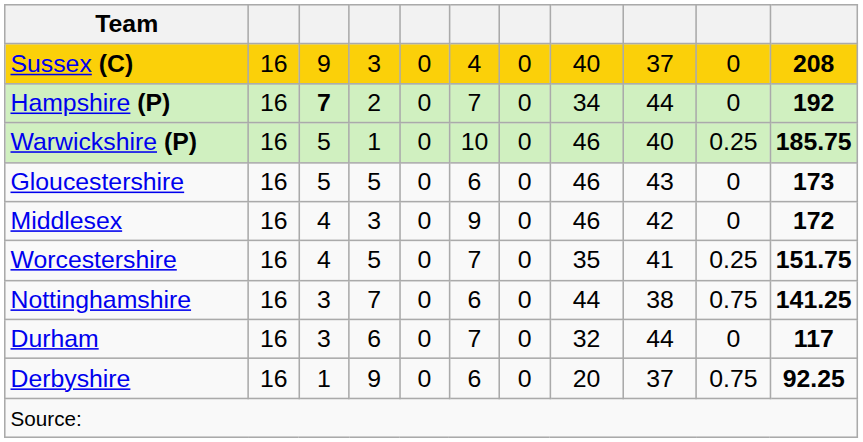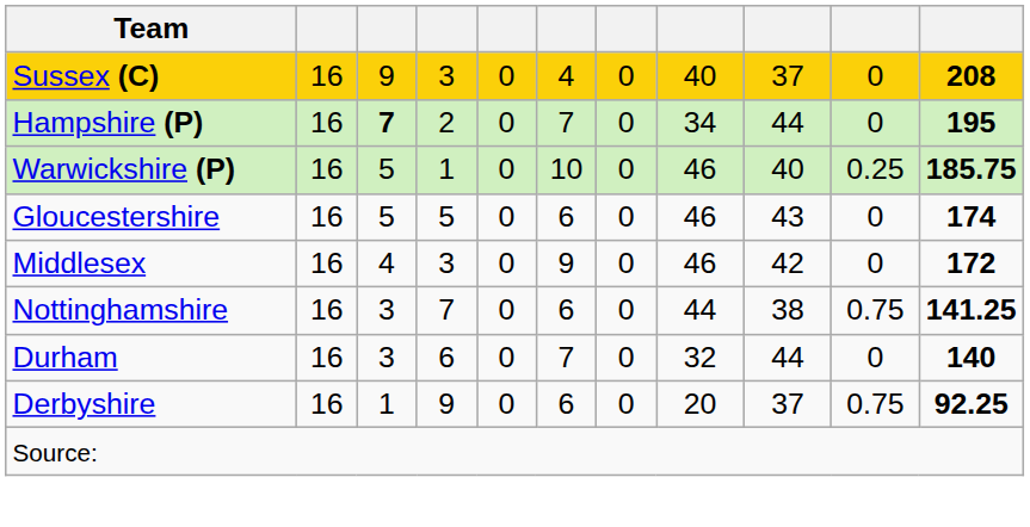 <table class="wikitable" style="text-align:center">
 <tr>
 <th width=150>Team</th>
 <th width=25></th>
 <th width=25></th>
 <th width=25></th>
 <th width=25></th>
 <th width=25></th>
 <th width=25></th>
 <th width=40></th>
 <th width=40></th>
 <th width=40></th>
 <th width=40></th>
 </tr>
 <tr style="background:#fbd009">
 <td style="text-align:left;"><a href='#'>Sussex</a> <strong>(C)</strong></td>
 <td>16</td>
 <td>9</td>
 <td>3</td>
 <td>0</td>
 <td>4</td>
 <td>0</td>
 <td>40</td>
 <td>37</td>
 <td>0</td>
 <td><strong>208</strong></td>
 </tr>
 <tr style="background:#D0F0C0">
 <td style="text-align:left;"><a href='#'>Hampshire</a> <strong>(P)</strong></td>
 <td>16</td>
 <td><strong>7</strong></td>
 <td>2</td>
 <td>0</td>
 <td>7</td>
 <td>0</td>
 <td>34</td>
 <td>44</td>
 <td>0</td>
-<td><strong>192</strong></td>
+<td><strong>195</strong></td>
 </tr>
 <tr style="background:#D0F0C0">
 <td style="text-align:left;"><a href='#'>Warwickshire</a> <strong>(P)</strong></td>
 <td>16</td>
 <td>5</td>
 <td>1</td>
 <td>0</td>
 <td>10</td>
 <td>0</td>
 <td>46</td>
 <td>40</td>
 <td>0.25</td>
 <td><strong>185.75</strong></td>
 </tr>
 <tr>
 <td style="text-align:left;"><a href='#'>Gloucestershire</a></td>
 <td>16</td>
 <td>5</td>
 <td>5</td>
 <td>0</td>
 <td>6</td>
 <td>0</td>
 <td>46</td>
 <td>43</td>
 <td>0</td>
-<td><strong>173</strong></td>
+<td><strong>174</strong></td>
 </tr>
 <tr>
 <td style="text-align:left;"><a href='#'>Middlesex</a></td>
 <td>16</td>
 <td>4</td>
 <td>3</td>
 <td>0</td>
 <td>9</td>
 <td>0</td>
 <td>46</td>
 <td>42</td>
 <td>0</td>
 <td><strong>172</strong></td>
-</tr>
-<tr>
-<td style="text-align:left;"><a href='#'>Worcestershire</a></td>
-<td>16</td>
-<td>4</td>
-<td>5</td>
-<td>0</td>
-<td>7</td>
-<td>0</td>
-<td>35</td>
-<td>41</td>
-<td>0.25</td>
-<td><strong>151.75</strong></td>
 </tr>
 <tr>
 <td style="text-align:left;"><a href='#'>Nottinghamshire</a></td>
 <td>16</td>
 <td>3</td>
 <td>7</td>
 <td>0</td>
 <td>6</td>
 <td>0</td>
 <td>44</td>
 <td>38</td>
 <td>0.75</td>
 <td><strong>141.25</strong></td>
 </tr>
 <tr>
 <td style="text-align:left;"><a href='#'>Durham</a></td>
 <td>16</td>
 <td>3</td>
 <td>6</td>
 <td>0</td>
 <td>7</td>
 <td>0</td>
 <td>32</td>
 <td>44</td>
 <td>0</td>
-<td><strong>117</strong></td>
+<td><strong>140</strong></td>
 </tr>
 <tr>
 <td style="text-align:left;"><a href='#'>Derbyshire</a></td>
 <td>16</td>
 <td>1</td>
 <td>9</td>
 <td>0</td>
 <td>6</td>
 <td>0</td>
 <td>20</td>
 <td>37</td>
 <td>0.75</td>
 <td><strong>92.25</strong></td>
 </tr>
 <tr>
 <td colspan=11 align="left"><small>Source:</small></td>
 </tr>
 </table>
